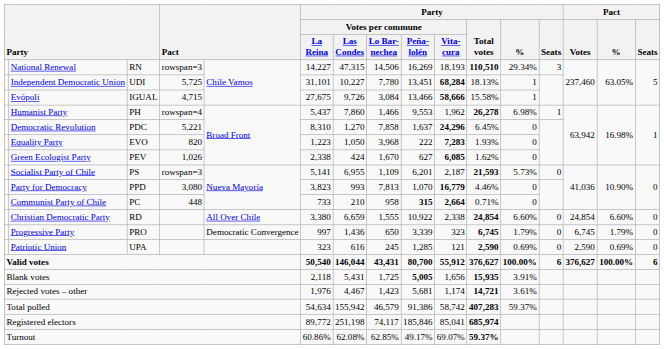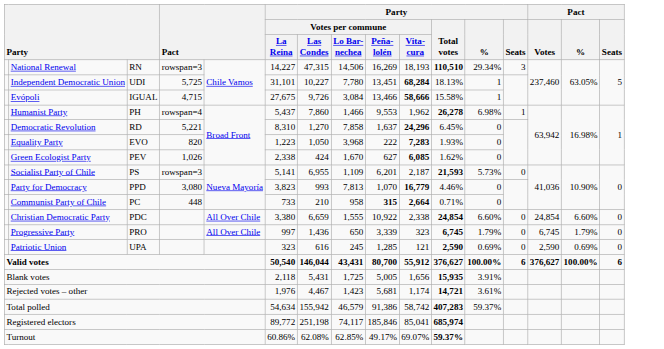 <table class="wikitable" border="1" style="font-size:90%; text-align:right; white-space: nowrap;">
 <tr>
 <th style="text-align:left;" valign=bottom rowspan=3 colspan=3>Party</th>
 <th style="text-align:left;" valign=bottom rowspan=3 colspan=2>Pact</th>
 <th colspan=8>Party</th>
 <th colspan=3>Pact</th>
 </tr>
 <tr>
 <th colspan=5>Votes per commune</th>
 <th align=center valign=bottom rowspan=2 width="40">Total<br>votes</th>
 <th align=center valign=bottom rowspan=2 width="40">%</th>
 <th align=center valign=bottom rowspan=2>Seats</th>
 <th align=center valign=bottom rowspan=2 width="40">Votes</th>
 <th align=center valign=bottom rowspan=2 width="40">%</th>
 <th align=center valign=bottom rowspan=2>Seats</th>
 </tr>
 <tr>
 <th align=center valign=bottom width="40"><a href='#'>La<br>Reina</a></th>
 <th align=center valign=bottom width="40"><a href='#'>Las<br>Condes</a></th>
 <th align=center valign=bottom width="40"><a href='#'>Lo Bar-<br>nechea</a></th>
 <th align=center valign=bottom width="40"><a href='#'>Peña-<br>lolén</a></th>
 <th align=center valign=bottom width="40"><a href='#'>Vita-<br>cura</a></th>
 </tr>
 <tr>
 <td></td>
 <td align=left><a href='#'>National Renewal</a></td>
 <td align=left>RN</td>
 <td>rowspan=3 </td>
 <td rowspan=3 align=left><a href='#'>Chile Vamos</a></td>
 <td>14,227</td>
 <td>47,315</td>
 <td>14,506</td>
 <td>16,269</td>
 <td>18,193</td>
 <td><strong>110,510</strong></td>
 <td>29.34%</td>
 <td>3</td>
 <td rowspan=3>237,460</td>
 <td rowspan=3>63.05%</td>
 <td rowspan=3>5</td>
 </tr>
 <tr>
 <td></td>
 <td align=left><a href='#'>Independent Democratic Union</a></td>
 <td align=left>UDI</td>
 <td>5,725</td>
 <td>31,101</td>
 <td>10,227</td>
 <td>7,780</td>
 <td>13,451</td>
 <td><strong>68,284</strong></td>
 <td>18.13%</td>
 <td>1</td>
 </tr>
 <tr>
 <td></td>
 <td align=left><a href='#'>Evópoli</a></td>
 <td align=left>IGUAL</td>
 <td>4,715</td>
 <td>27,675</td>
 <td>9,726</td>
 <td>3,084</td>
 <td>13,466</td>
 <td><strong>58,666</strong></td>
 <td>15.58%</td>
 <td>1</td>
 </tr>
 <tr>
 <td></td>
 <td align=left><a href='#'>Humanist Party</a></td>
 <td align=left>PH</td>
 <td>rowspan=4 </td>
 <td rowspan=4 align=left><a href='#'>Broad Front</a></td>
 <td>5,437</td>
 <td>7,860</td>
 <td>1,466</td>
 <td>9,553</td>
 <td>1,962</td>
 <td><strong>26,278</strong></td>
 <td>6.98%</td>
 <td>1</td>
 <td rowspan=4>63,942</td>
 <td rowspan=4>16.98%</td>
 <td rowspan=4>1</td>
 </tr>
 <tr>
 <td></td>
 <td align=left><a href='#'>Democratic Revolution</a></td>
-<td align=left>PDC</td>
+<td align=left>RD</td>
 <td>5,221</td>
 <td>8,310</td>
 <td>1,270</td>
 <td>7,858</td>
 <td>1,637</td>
 <td><strong>24,296</strong></td>
 <td>6.45%</td>
 <td>0</td>
 </tr>
 <tr>
 <td></td>
 <td align=left><a href='#'>Equality Party</a></td>
 <td align=left>EVO</td>
 <td>820</td>
 <td>1,223</td>
 <td>1,050</td>
 <td>3,968</td>
 <td>222</td>
 <td><strong>7,283</strong></td>
 <td>1.93%</td>
 <td>0</td>
 </tr>
 <tr>
 <td></td>
 <td align=left><a href='#'>Green Ecologist Party</a></td>
 <td align=left>PEV</td>
 <td>1,026</td>
 <td>2,338</td>
 <td>424</td>
 <td>1,670</td>
 <td>627</td>
 <td><strong>6,085</strong></td>
 <td>1.62%</td>
 <td>0</td>
 </tr>
 <tr>
 <td></td>
 <td align=left><a href='#'>Socialist Party of Chile</a></td>
 <td align=left>PS</td>
 <td>rowspan=3 </td>
 <td rowspan=3 align=left><a href='#'>Nueva Mayoría</a></td>
 <td>5,141</td>
 <td>6,955</td>
 <td>1,109</td>
 <td>6,201</td>
 <td>2,187</td>
 <td><strong>21,593</strong></td>
 <td>5.73%</td>
 <td>0</td>
 <td rowspan=3>41,036</td>
 <td rowspan=3>10.90%</td>
 <td rowspan=3>0</td>
 </tr>
 <tr>
 <td></td>
 <td align=left><a href='#'>Party for Democracy</a></td>
 <td align=left>PPD</td>
 <td>3,080</td>
 <td>3,823</td>
 <td>993</td>
 <td>7,813</td>
 <td>1,070</td>
 <td><strong>16,779</strong></td>
 <td>4.46%</td>
 <td>0</td>
 </tr>
 <tr>
 <td></td>
 <td align=left><a href='#'>Communist Party of Chile</a></td>
 <td align=left>PC</td>
 <td>448</td>
 <td>733</td>
 <td>210</td>
 <td>958</td>
 <td><strong>315</strong></td>
 <td><strong>2,664</strong></td>
 <td>0.71%</td>
 <td>0</td>
 </tr>
 <tr>
 <td></td>
 <td align=left><a href='#'>Christian Democratic Party</a></td>
-<td align=left>RD</td>
+<td align=left>PDC</td>
 <td></td>
 <td align=left><a href='#'>All Over Chile</a></td>
 <td>3,380</td>
 <td>6,659</td>
 <td>1,555</td>
 <td>10,922</td>
 <td>2,338</td>
 <td><strong>24,854</strong></td>
 <td>6.60%</td>
 <td>0</td>
 <td>24,854</td>
 <td>6.60%</td>
 <td>0</td>
 </tr>
 <tr>
 <td></td>
 <td align=left><a href='#'>Progressive Party</a></td>
 <td align=left>PRO</td>
 <td></td>
-<td align=left>Democratic Convergence</td>
+<td align=left><a href='#'>All Over Chile</a></td>
 <td>997</td>
 <td>1,436</td>
 <td>650</td>
 <td>3,339</td>
 <td>323</td>
 <td><strong>6,745</strong></td>
 <td>1.79%</td>
 <td>0</td>
 <td>6,745</td>
 <td>1.79%</td>
 <td>0</td>
 </tr>
 <tr>
 <td></td>
 <td align=left><a href='#'>Patriotic Union</a></td>
 <td align=left>UPA</td>
 <td></td>
 <td></td>
 <td>323</td>
 <td>616</td>
 <td>245</td>
 <td>1,285</td>
 <td>121</td>
 <td><strong>2,590</strong></td>
 <td>0.69%</td>
 <td>0</td>
 <td>2,590</td>
 <td>0.69%</td>
 <td>0</td>
 </tr>
 <tr style="font-weight:bold">
 <td align=left colspan=5>Valid votes</td>
 <td>50,540</td>
 <td>146,044</td>
 <td>43,431</td>
 <td>80,700</td>
 <td>55,912</td>
 <td>376,627</td>
 <td>100.00%</td>
 <td>6</td>
 <td>376,627</td>
 <td>100.00%</td>
 <td>6</td>
 </tr>
 <tr>
 <td align=left colspan=5>Blank votes</td>
 <td>2,118</td>
 <td>5,431</td>
 <td>1,725</td>
-<td><strong>5,005</strong></td>
+<td>5,005</td>
 <td>1,656</td>
 <td><strong>15,935</strong></td>
 <td>3.91%</td>
 <td></td>
 <td></td>
 <td></td>
 <td></td>
 </tr>
 <tr>
 <td align=left colspan=5>Rejected votes – other</td>
 <td>1,976</td>
 <td>4,467</td>
 <td>1,423</td>
 <td>5,681</td>
 <td>1,174</td>
 <td><strong>14,721</strong></td>
 <td>3.61%</td>
 <td></td>
 <td></td>
 <td></td>
 <td></td>
 </tr>
 <tr>
 <td align=left colspan=5>Total polled</td>
 <td>54,634</td>
 <td>155,942</td>
 <td>46,579</td>
 <td>91,386</td>
 <td>58,742</td>
 <td><strong>407,283</strong></td>
 <td>59.37%</td>
 <td></td>
 <td></td>
 <td></td>
 <td></td>
 </tr>
 <tr>
 <td align=left colspan=5>Registered electors</td>
 <td>89,772</td>
 <td>251,198</td>
 <td>74,117</td>
 <td>185,846</td>
 <td>85,041</td>
 <td><strong>685,974</strong></td>
 <td></td>
 <td></td>
 <td></td>
 <td></td>
 <td></td>
 </tr>
 <tr>
 <td align=left colspan=5>Turnout</td>
 <td>60.86%</td>
 <td>62.08%</td>
 <td>62.85%</td>
 <td>49.17%</td>
 <td>69.07%</td>
 <td><strong>59.37%</strong></td>
 <td></td>
 <td></td>
 <td></td>
 <td></td>
 <td></td>
 </tr>
 </table>
